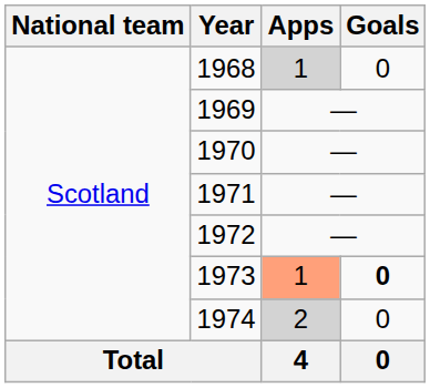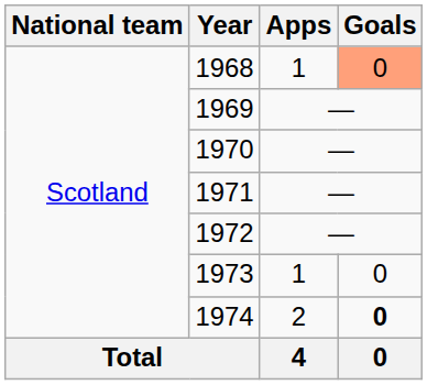 <table class="wikitable" style="text-align:center">
 <tr>
 <th>National team</th>
 <th>Year</th>
 <th>Apps</th>
 <th>Goals</th>
 </tr>
 <tr>
 <td rowspan="7"><a href='#'>Scotland</a></td>
 <td>1968</td>
-<td style="background: lightgrey;">1</td>
-<td>0</td>
+<td>1</td>
+<td style="background: lightsalmon;">0</td>
 </tr>
 <tr>
 <td>1969</td>
 <td colspan="2">—</td>
 </tr>
 <tr>
 <td>1970</td>
 <td colspan="2">—</td>
 </tr>
 <tr>
 <td>1971</td>
 <td colspan="2">—</td>
 </tr>
 <tr>
 <td>1972</td>
 <td colspan="2">—</td>
 </tr>
 <tr>
 <td>1973</td>
-<td style="background: lightsalmon;">1</td>
-<td><strong>0</strong></td>
+<td>1</td>
+<td>0</td>
 </tr>
 <tr>
 <td>1974</td>
-<td style="background: lightgrey;">2</td>
-<td>0</td>
+<td>2</td>
+<td><strong>0</strong></td>
 </tr>
 <tr>
 <th colspan="2">Total</th>
 <th>4</th>
 <th>0</th>
 </tr>
 </table>
